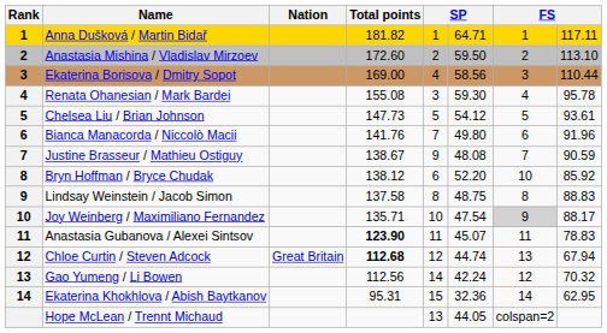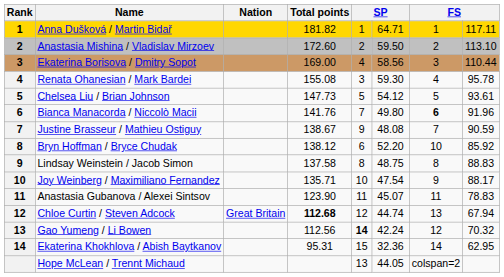 <table class="wikitable sortable">
 <tr>
 <th>Rank</th>
 <th>Name</th>
 <th>Nation</th>
 <th>Total points</th>
 <th colspan="2" width="80px"><a href='#'>SP</a></th>
 <th colspan="2" width="80px"><a href='#'>FS</a></th>
 </tr>
 <tr bgcolor="gold">
 <td align="center"><strong>1</strong></td>
 <td><a href='#'>Anna Dušková</a> / <a href='#'>Martin Bidař</a></td>
 <td></td>
 <td align="center">181.82</td>
 <td align="center">1</td>
 <td align="center">64.71</td>
 <td align="center">1</td>
 <td align="center">117.11</td>
 </tr>
 <tr bgcolor="silver">
 <td align="center"><strong>2</strong></td>
 <td><a href='#'>Anastasia Mishina</a> / <a href='#'>Vladislav Mirzoev</a></td>
 <td></td>
 <td align="center">172.60</td>
 <td align="center">2</td>
 <td align="center">59.50</td>
 <td align="center">2</td>
 <td align="center">113.10</td>
 </tr>
 <tr bgcolor="cc9966">
 <td align="center"><strong>3</strong></td>
 <td><a href='#'>Ekaterina Borisova</a> / <a href='#'>Dmitry Sopot</a></td>
 <td></td>
 <td align="center">169.00</td>
 <td align="center">4</td>
 <td align="center">58.56</td>
 <td align="center">3</td>
 <td align="center">110.44</td>
 </tr>
 <tr>
 <th>4</th>
 <td><a href='#'>Renata Ohanesian</a> / <a href='#'>Mark Bardei</a></td>
 <td></td>
 <td align="center">155.08</td>
 <td align="center">3</td>
 <td align="center">59.30</td>
 <td align="center">4</td>
 <td align="center">95.78</td>
 </tr>
 <tr>
 <th>5</th>
 <td><a href='#'>Chelsea Liu</a> / <a href='#'>Brian Johnson</a></td>
 <td></td>
 <td align="center">147.73</td>
 <td align="center">5</td>
 <td align="center">54.12</td>
 <td align="center">5</td>
 <td align="center">93.61</td>
 </tr>
 <tr>
 <th>6</th>
 <td><a href='#'>Bianca Manacorda</a> / <a href='#'>Niccolò Macii</a></td>
 <td></td>
 <td align="center">141.76</td>
 <td align="center">7</td>
 <td align="center">49.80</td>
-<td align="center">6</td>
+<td align="center"><strong>6</strong></td>
 <td align="center">91.96</td>
 </tr>
 <tr>
 <th>7</th>
 <td><a href='#'>Justine Brasseur</a> / <a href='#'>Mathieu Ostiguy</a></td>
 <td></td>
 <td align="center">138.67</td>
 <td align="center">9</td>
 <td align="center">48.08</td>
 <td align="center">7</td>
 <td align="center">90.59</td>
 </tr>
 <tr>
 <th>8</th>
 <td><a href='#'>Bryn Hoffman</a> / <a href='#'>Bryce Chudak</a></td>
 <td></td>
 <td align="center">138.12</td>
 <td align="center">6</td>
 <td align="center">52.20</td>
 <td align="center">10</td>
 <td align="center">85.92</td>
 </tr>
 <tr>
 <th>9</th>
 <td>Lindsay Weinstein / Jacob Simon</td>
 <td></td>
 <td align="center">137.58</td>
 <td align="center">8</td>
 <td align="center">48.75</td>
 <td align="center">8</td>
 <td align="center">88.83</td>
 </tr>
 <tr>
 <th>10</th>
 <td><a href='#'>Joy Weinberg</a> / <a href='#'>Maximiliano Fernandez</a></td>
 <td></td>
 <td align="center">135.71</td>
 <td align="center">10</td>
 <td align="center">47.54</td>
-<td align="center" style="background: lightgrey;">9</td>
+<td align="center">9</td>
 <td align="center">88.17</td>
 </tr>
 <tr>
 <th>11</th>
 <td>Anastasia Gubanova / Alexei Sintsov</td>
 <td></td>
-<td align="center"><strong>123.90</strong></td>
+<td align="center">123.90</td>
 <td align="center">11</td>
 <td align="center">45.07</td>
 <td align="center">11</td>
 <td align="center">78.83</td>
 </tr>
 <tr>
 <th>12</th>
 <td><a href='#'>Chloe Curtin</a> / <a href='#'>Steven Adcock</a></td>
 <td> <a href='#'>Great Britain</a></td>
 <td align="center"><strong>112.68</strong></td>
 <td align="center">12</td>
 <td align="center">44.74</td>
 <td align="center">13</td>
 <td align="center">67.94</td>
 </tr>
 <tr>
 <th>13</th>
 <td><a href='#'>Gao Yumeng</a> / <a href='#'>Li Bowen</a></td>
 <td></td>
 <td align="center">112.56</td>
-<td align="center">14</td>
+<td align="center"><strong>14</strong></td>
 <td align="center">42.24</td>
 <td align="center">12</td>
 <td align="center">70.32</td>
 </tr>
 <tr>
 <th>14</th>
 <td><a href='#'>Ekaterina Khokhlova</a> / <a href='#'>Abish Baytkanov</a></td>
 <td></td>
 <td align="center">95.31</td>
 <td align="center">15</td>
 <td align="center">32.36</td>
 <td align="center">14</td>
 <td align="center">62.95</td>
 </tr>
 <tr>
 <th></th>
 <td><a href='#'>Hope McLean</a> / <a href='#'>Trennt Michaud</a></td>
 <td></td>
 <td></td>
 <td align="center">13</td>
 <td align="center">44.05</td>
 <td>colspan=2 </td>
 </tr>
 </table>
